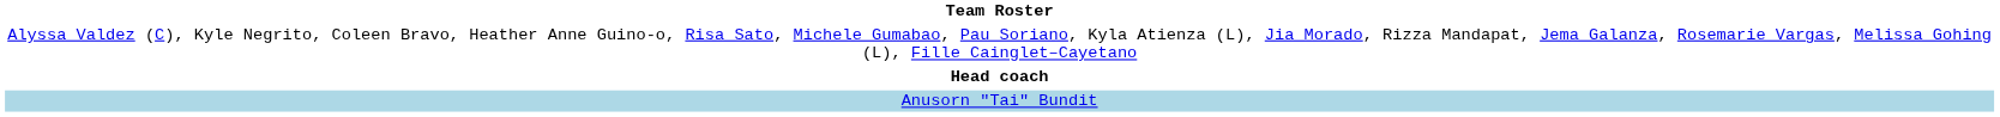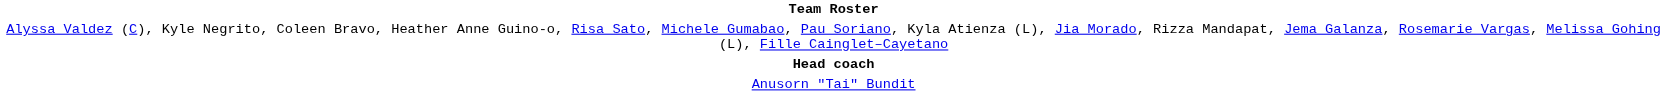 <table style="text-align:center; margin-top:2em; margin-left:auto; margin-right:auto">
 <tr>
 <td><strong>Team Roster</strong></td>
 </tr>
 <tr>
 <td><a href='#'>Alyssa Valdez</a> (<a href='#'>C</a>), Kyle Negrito, Coleen Bravo, Heather Anne Guino-o, <a href='#'>Risa Sato</a>, <a href='#'>Michele Gumabao</a>, <a href='#'>Pau Soriano</a>, Kyla Atienza (L), <a href='#'>Jia Morado</a>, Rizza Mandapat, <a href='#'>Jema Galanza</a>, <a href='#'>Rosemarie Vargas</a>, <a href='#'>Melissa Gohing</a> (L), <a href='#'>Fille Cainglet–Cayetano</a></td>
 </tr>
 <tr>
 <td><strong>Head coach</strong></td>
 </tr>
 <tr>
-<td style="background: lightblue;"><a href='#'>Anusorn "Tai" Bundit</a></td>
+<td><a href='#'>Anusorn "Tai" Bundit</a></td>
 </tr>
 </table>
